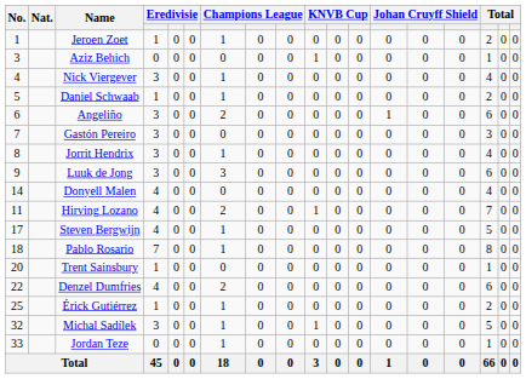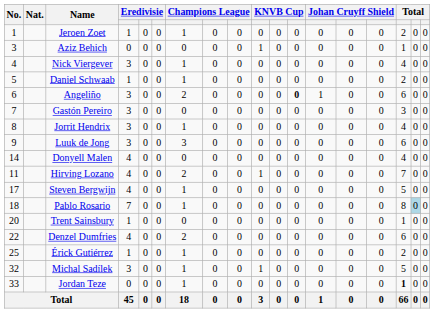 <table class="wikitable sortable" style="text-align: center;">
 <tr>
 <th rowspan="2">No.</th>
 <th rowspan="2">Nat.</th>
 <th rowspan="2">Name</th>
 <th colspan="3"><a href='#'>Eredivisie</a></th>
 <th colspan="3"><a href='#'>Champions League</a></th>
 <th colspan="3"><a href='#'>KNVB Cup</a></th>
 <th colspan="3"><a href='#'>Johan Cruyff Shield</a></th>
 <th colspan="3">Total</th>
 </tr>
 <tr>
 <th></th>
 <th></th>
 <th></th>
 <th></th>
 <th></th>
 <th></th>
 <th></th>
 <th></th>
 <th></th>
 <th></th>
 <th></th>
 <th></th>
 <th></th>
 <th></th>
 <th></th>
 </tr>
 <tr>
 <td>1</td>
 <td></td>
 <td><a href='#'>Jeroen Zoet</a></td>
 <td>1</td>
 <td>0</td>
 <td>0</td>
 <td>1</td>
 <td>0</td>
 <td>0</td>
 <td>0</td>
 <td>0</td>
 <td>0</td>
 <td>0</td>
 <td>0</td>
 <td>0</td>
 <td>2</td>
-<td style="background: lightyellow;">0</td>
+<td>0</td>
 <td>0</td>
 </tr>
 <tr>
 <td>3</td>
 <td></td>
 <td><a href='#'>Aziz Behich</a></td>
 <td>0</td>
 <td>0</td>
 <td>0</td>
 <td>0</td>
 <td>0</td>
 <td>0</td>
 <td>1</td>
 <td>0</td>
 <td>0</td>
 <td>0</td>
 <td>0</td>
 <td>0</td>
 <td>1</td>
 <td>0</td>
 <td>0</td>
 </tr>
 <tr>
 <td>4</td>
 <td></td>
 <td><a href='#'>Nick Viergever</a></td>
 <td>3</td>
 <td>0</td>
 <td>0</td>
 <td>1</td>
 <td>0</td>
 <td>0</td>
 <td>0</td>
 <td>0</td>
 <td>0</td>
 <td>0</td>
 <td>0</td>
 <td>0</td>
 <td>4</td>
 <td>0</td>
 <td>0</td>
 </tr>
 <tr>
 <td>5</td>
 <td></td>
 <td><a href='#'>Daniel Schwaab</a></td>
 <td>1</td>
 <td>0</td>
 <td>0</td>
 <td>1</td>
 <td>0</td>
 <td>0</td>
 <td>0</td>
 <td>0</td>
 <td>0</td>
 <td>0</td>
 <td>0</td>
 <td>0</td>
 <td>2</td>
 <td>0</td>
 <td>0</td>
 </tr>
 <tr>
 <td>6</td>
 <td></td>
 <td><a href='#'>Angeliño</a></td>
 <td>3</td>
 <td>0</td>
 <td>0</td>
 <td>2</td>
 <td>0</td>
 <td>0</td>
 <td>0</td>
 <td>0</td>
-<td>0</td>
+<td><strong>0</strong></td>
 <td>1</td>
 <td>0</td>
 <td>0</td>
 <td>6</td>
 <td>0</td>
 <td>0</td>
 </tr>
 <tr>
 <td>7</td>
 <td></td>
 <td><a href='#'>Gastón Pereiro</a></td>
 <td>3</td>
 <td>0</td>
 <td>0</td>
 <td>0</td>
 <td>0</td>
 <td>0</td>
 <td>0</td>
 <td>0</td>
 <td>0</td>
 <td>0</td>
 <td>0</td>
 <td>0</td>
 <td>3</td>
 <td>0</td>
 <td>0</td>
 </tr>
 <tr>
 <td>8</td>
 <td></td>
 <td><a href='#'>Jorrit Hendrix</a></td>
 <td>3</td>
 <td>0</td>
 <td>0</td>
 <td>1</td>
 <td>0</td>
 <td>0</td>
 <td>0</td>
 <td>0</td>
 <td>0</td>
 <td>0</td>
 <td>0</td>
 <td>0</td>
 <td>4</td>
 <td>0</td>
 <td>0</td>
 </tr>
 <tr>
 <td>9</td>
 <td></td>
 <td><a href='#'>Luuk de Jong</a></td>
 <td>3</td>
 <td>0</td>
 <td>0</td>
 <td>3</td>
 <td>0</td>
 <td>0</td>
 <td>0</td>
 <td>0</td>
 <td>0</td>
 <td>0</td>
 <td>0</td>
 <td>0</td>
 <td>6</td>
 <td>0</td>
 <td>0</td>
 </tr>
 <tr>
 <td>14</td>
 <td></td>
 <td><a href='#'>Donyell Malen</a></td>
 <td>4</td>
 <td>0</td>
 <td>0</td>
 <td>0</td>
 <td>0</td>
 <td>0</td>
 <td>0</td>
 <td>0</td>
 <td>0</td>
 <td>0</td>
 <td>0</td>
 <td>0</td>
 <td>4</td>
 <td>0</td>
 <td>0</td>
 </tr>
 <tr>
 <td>11</td>
 <td></td>
 <td><a href='#'>Hirving Lozano</a></td>
 <td>4</td>
 <td>0</td>
 <td>0</td>
 <td>2</td>
 <td>0</td>
 <td>0</td>
 <td>1</td>
 <td>0</td>
 <td>0</td>
 <td>0</td>
 <td>0</td>
 <td>0</td>
 <td>7</td>
 <td>0</td>
 <td>0</td>
 </tr>
 <tr>
 <td>17</td>
 <td></td>
 <td><a href='#'>Steven Bergwijn</a></td>
 <td>4</td>
 <td>0</td>
 <td>0</td>
 <td>1</td>
 <td>0</td>
 <td>0</td>
 <td>0</td>
 <td>0</td>
 <td>0</td>
 <td>0</td>
 <td>0</td>
 <td>0</td>
 <td>5</td>
 <td>0</td>
 <td>0</td>
 </tr>
 <tr>
 <td>18</td>
 <td></td>
 <td><a href='#'>Pablo Rosario</a></td>
 <td>7</td>
 <td>0</td>
 <td>0</td>
 <td>1</td>
 <td>0</td>
 <td>0</td>
 <td>0</td>
 <td>0</td>
 <td>0</td>
 <td>0</td>
 <td>0</td>
 <td>0</td>
 <td>8</td>
-<td>0</td>
+<td style="background: lightblue;">0</td>
 <td>0</td>
 </tr>
 <tr>
 <td>20</td>
 <td></td>
 <td><a href='#'>Trent Sainsbury</a></td>
 <td>1</td>
 <td>0</td>
 <td>0</td>
 <td>0</td>
 <td>0</td>
 <td>0</td>
 <td>0</td>
 <td>0</td>
 <td>0</td>
 <td>0</td>
 <td>0</td>
 <td>0</td>
 <td>1</td>
 <td>0</td>
 <td>0</td>
 </tr>
 <tr>
 <td>22</td>
 <td></td>
 <td><a href='#'>Denzel Dumfries</a></td>
 <td>4</td>
 <td>0</td>
 <td>0</td>
 <td>2</td>
 <td>0</td>
 <td>0</td>
 <td>0</td>
 <td>0</td>
 <td>0</td>
 <td>0</td>
 <td>0</td>
 <td>0</td>
 <td>6</td>
 <td>0</td>
 <td>0</td>
 </tr>
 <tr>
 <td>25</td>
 <td></td>
 <td><a href='#'>Érick Gutiérrez</a></td>
 <td>1</td>
 <td>0</td>
 <td>0</td>
 <td>1</td>
 <td>0</td>
 <td>0</td>
 <td>0</td>
 <td>0</td>
 <td>0</td>
 <td>0</td>
 <td>0</td>
 <td>0</td>
 <td>2</td>
 <td>0</td>
 <td>0</td>
 </tr>
 <tr>
 <td>32</td>
 <td></td>
 <td><a href='#'>Michal Sadílek</a></td>
 <td>3</td>
 <td>0</td>
 <td>0</td>
 <td>1</td>
 <td>0</td>
 <td>0</td>
 <td>1</td>
 <td>0</td>
 <td>0</td>
 <td>0</td>
 <td>0</td>
 <td>0</td>
 <td>5</td>
 <td>0</td>
 <td>0</td>
 </tr>
 <tr>
 <td>33</td>
 <td></td>
 <td><a href='#'>Jordan Teze</a></td>
 <td>0</td>
 <td>0</td>
 <td>0</td>
 <td>1</td>
 <td>0</td>
 <td>0</td>
 <td>0</td>
 <td>0</td>
 <td>0</td>
 <td>0</td>
 <td>0</td>
 <td>0</td>
-<td>1</td>
+<td><strong>1</strong></td>
 <td>0</td>
 <td>0</td>
 </tr>
 <tr>
 <th colspan=3>Total</th>
 <th>45</th>
 <th>0</th>
 <th>0</th>
 <th>18</th>
 <th>0</th>
 <th>0</th>
 <th>3</th>
 <th>0</th>
 <th>0</th>
 <th>1</th>
 <th>0</th>
 <th>0</th>
 <th>66</th>
 <th>0</th>
 <th>0</th>
 </tr>
 </table>
